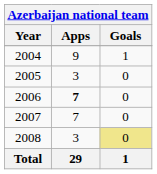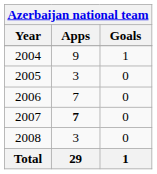 <table class="wikitable" style="text-align:center">
 <tr>
 <th colspan=3><a href='#'>Azerbaijan national team</a></th>
 </tr>
 <tr>
 <th>Year</th>
 <th>Apps</th>
 <th>Goals</th>
 </tr>
 <tr>
 </tr>
 <tr>
 <td>2004</td>
 <td>9</td>
 <td>1</td>
 </tr>
 <tr>
 <td>2005</td>
 <td>3</td>
 <td>0</td>
 </tr>
 <tr>
 <td>2006</td>
-<td><strong>7</strong></td>
+<td>7</td>
 <td>0</td>
 </tr>
 <tr>
 <td>2007</td>
-<td>7</td>
+<td><strong>7</strong></td>
 <td>0</td>
 </tr>
 <tr>
 <td>2008</td>
 <td>3</td>
-<td style="background: khaki;">0</td>
+<td>0</td>
 </tr>
 <tr>
 <th>Total</th>
 <th>29</th>
 <th>1</th>
 </tr>
 </table>
